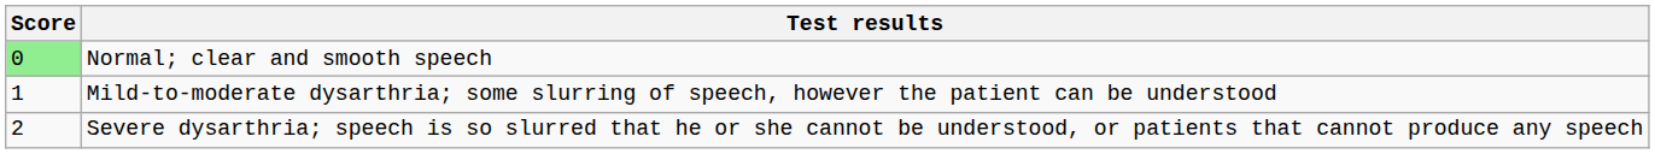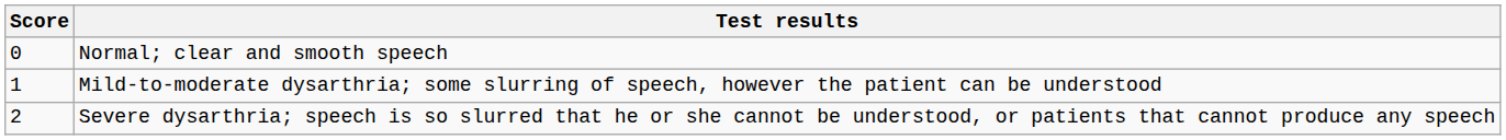 <table class="wikitable">
 <tr>
 <th>Score</th>
 <th>Test results</th>
 </tr>
 <tr>
-<td style="background: lightgreen;">0</td>
+<td>0</td>
 <td>Normal; clear and smooth speech</td>
 </tr>
 <tr>
 <td>1</td>
 <td>Mild-to-moderate dysarthria; some slurring of speech, however the patient can be understood</td>
 </tr>
 <tr>
 <td>2</td>
 <td>Severe dysarthria; speech is so slurred that he or she cannot be understood, or patients that cannot produce any speech</td>
 </tr>
 </table>
